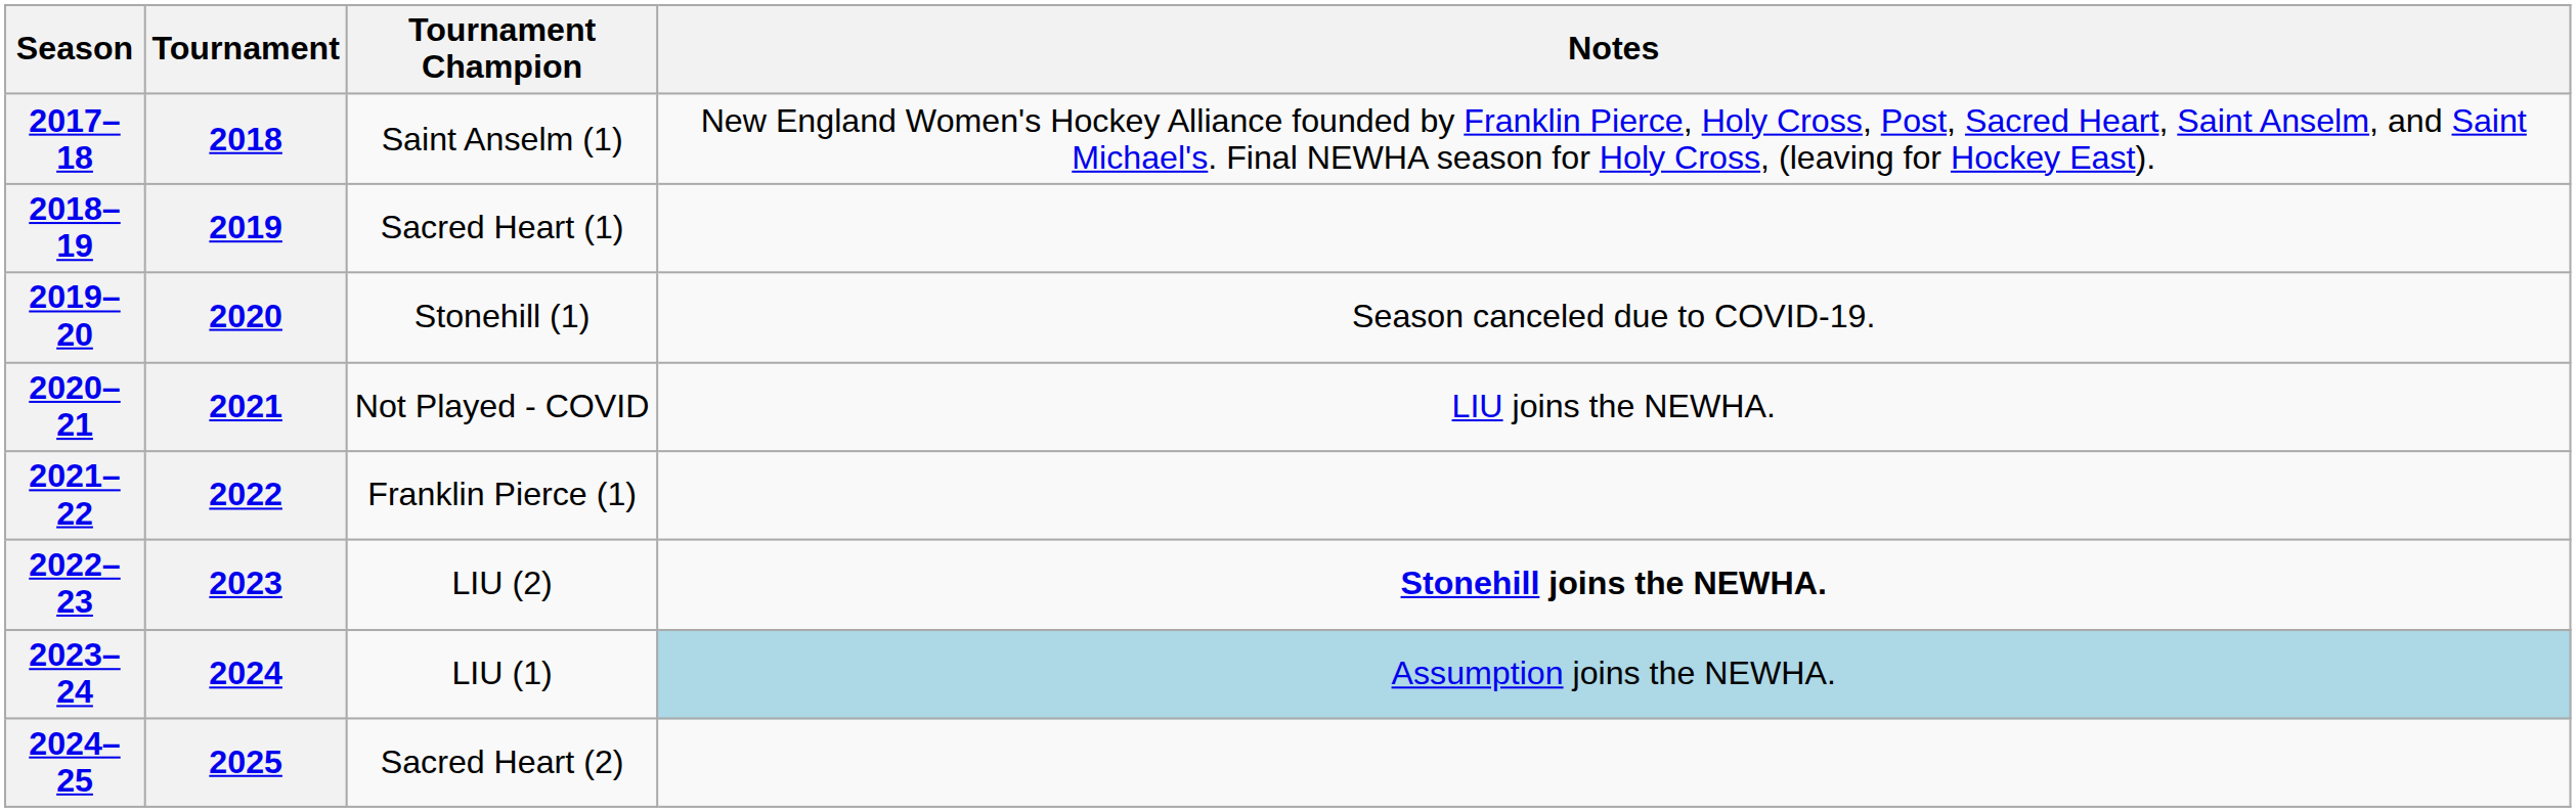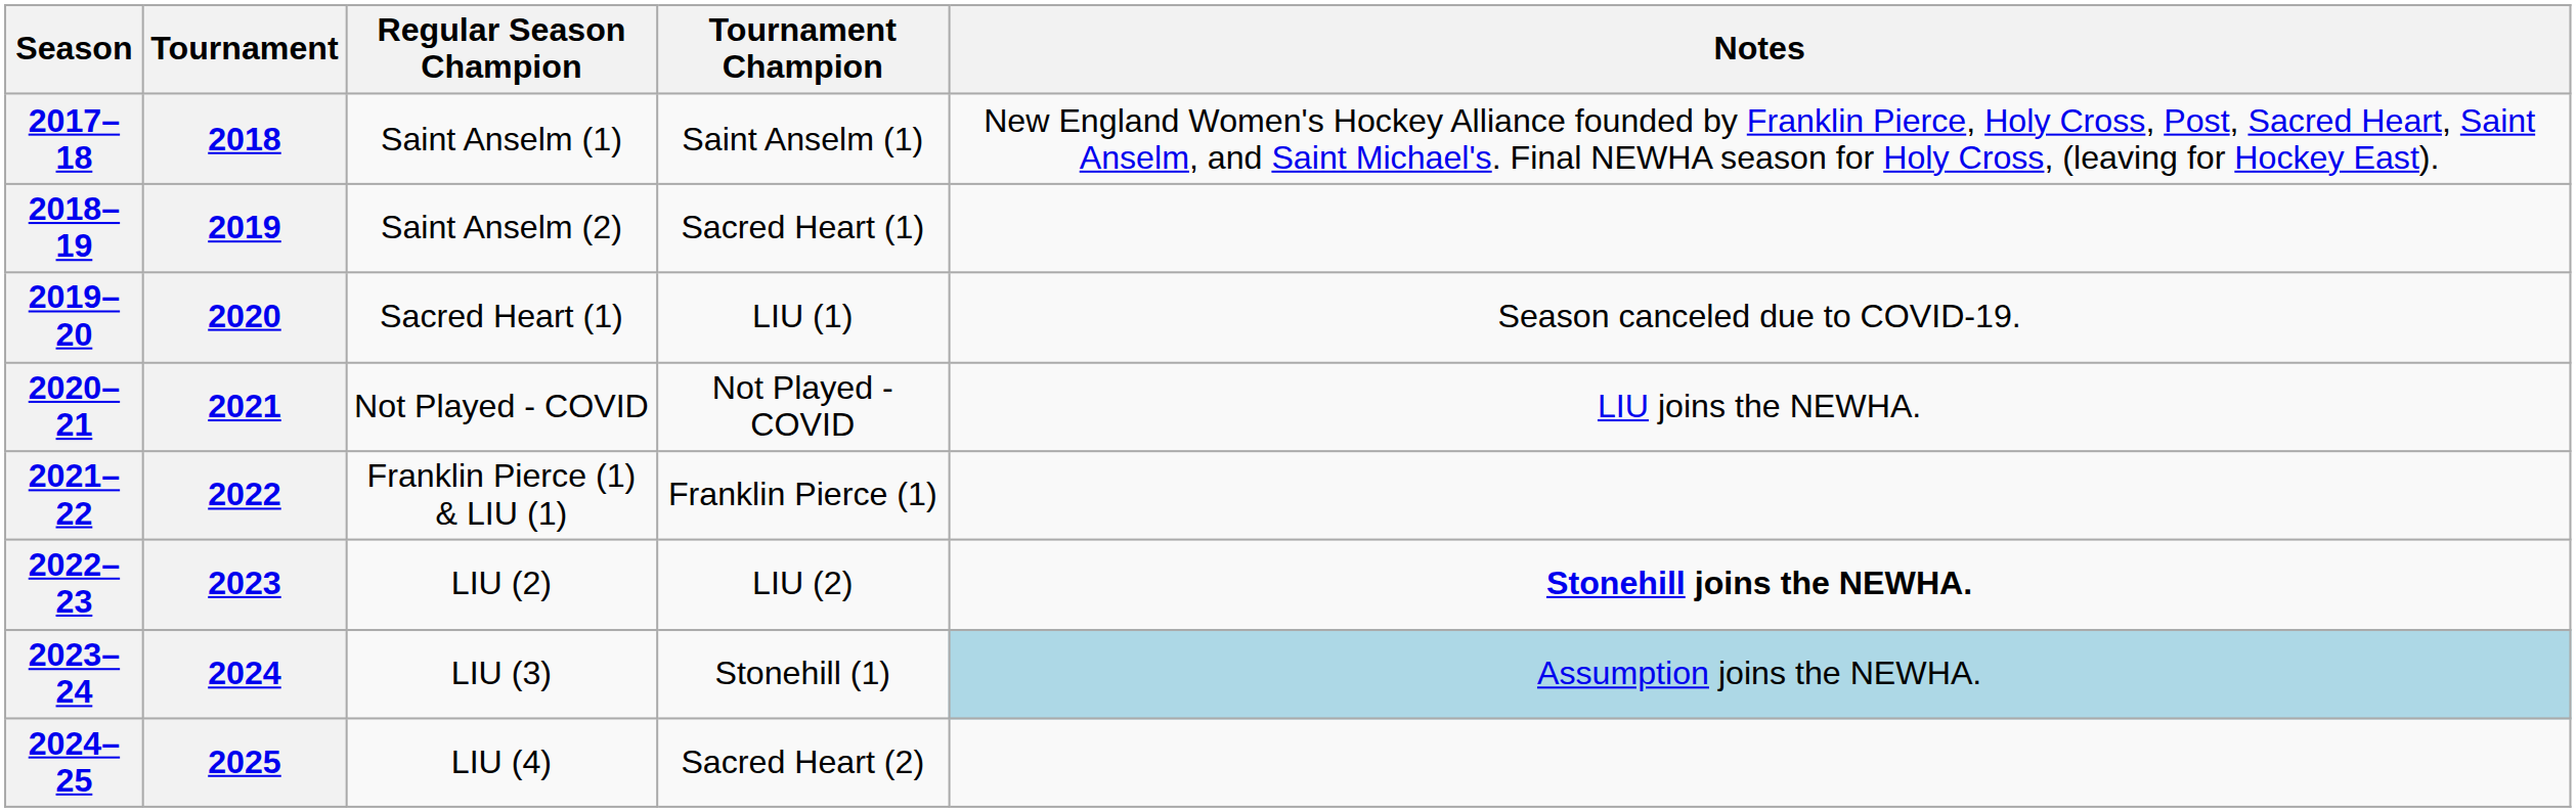 <table class="wikitable" style="text-align: center;">
 <tr>
 <th>Season</th>
 <th>Tournament</th>
+<th>Regular Season Champion</th>
 <th>Tournament Champion</th>
 <th>Notes</th>
 </tr>
 <tr>
 <th><a href='#'>2017–18</a></th>
 <th><a href='#'>2018</a></th>
 <td>Saint Anselm (1)</td>
+<td>Saint Anselm (1)</td>
 <td>New England Women's Hockey Alliance founded by <a href='#'>Franklin Pierce</a>, <a href='#'>Holy Cross</a>, <a href='#'>Post</a>, <a href='#'>Sacred Heart</a>, <a href='#'>Saint Anselm</a>, and <a href='#'>Saint Michael's</a>. Final NEWHA season for <a href='#'>Holy Cross</a>, (leaving for <a href='#'>Hockey East</a>).</td>
 </tr>
 <tr>
 <th><a href='#'>2018–19</a></th>
 <th><a href='#'>2019</a></th>
+<td>Saint Anselm (2)</td>
 <td>Sacred Heart (1)</td>
 <td></td>
 </tr>
 <tr>
 <th><a href='#'>2019–20</a></th>
 <th><a href='#'>2020</a></th>
-<td>Stonehill (1)</td>
+<td>Sacred Heart (1)</td>
+<td>LIU (1)</td>
 <td>Season canceled due to COVID-19.</td>
 </tr>
 <tr>
 <th><a href='#'>2020–21</a></th>
 <th><a href='#'>2021</a></th>
 <td>Not Played - COVID</td>
+<td>Not Played - COVID</td>
 <td><a href='#'>LIU</a> joins the NEWHA.</td>
 </tr>
 <tr>
 <th><a href='#'>2021–22</a></th>
 <th><a href='#'>2022</a></th>
+<td>Franklin Pierce (1) & LIU (1)</td>
 <td>Franklin Pierce (1)</td>
 <td></td>
 </tr>
 <tr>
 <th><a href='#'>2022–23</a></th>
 <th><a href='#'>2023</a></th>
 <td>LIU (2)</td>
+<td>LIU (2)</td>
 <td><strong><a href='#'>Stonehill</a> joins the NEWHA.</strong></td>
 </tr>
 <tr>
 <th><a href='#'>2023–24</a></th>
 <th><a href='#'>2024</a></th>
-<td>LIU (1)</td>
+<td>LIU (3)</td>
+<td>Stonehill (1)</td>
 <td style="background: lightblue;"><a href='#'>Assumption</a> joins the NEWHA.</td>
 </tr>
 <tr>
 <th><a href='#'>2024–25</a></th>
 <th><a href='#'>2025</a></th>
+<td>LIU (4)</td>
 <td>Sacred Heart (2)</td>
 <td></td>
 </tr>
 </table>
